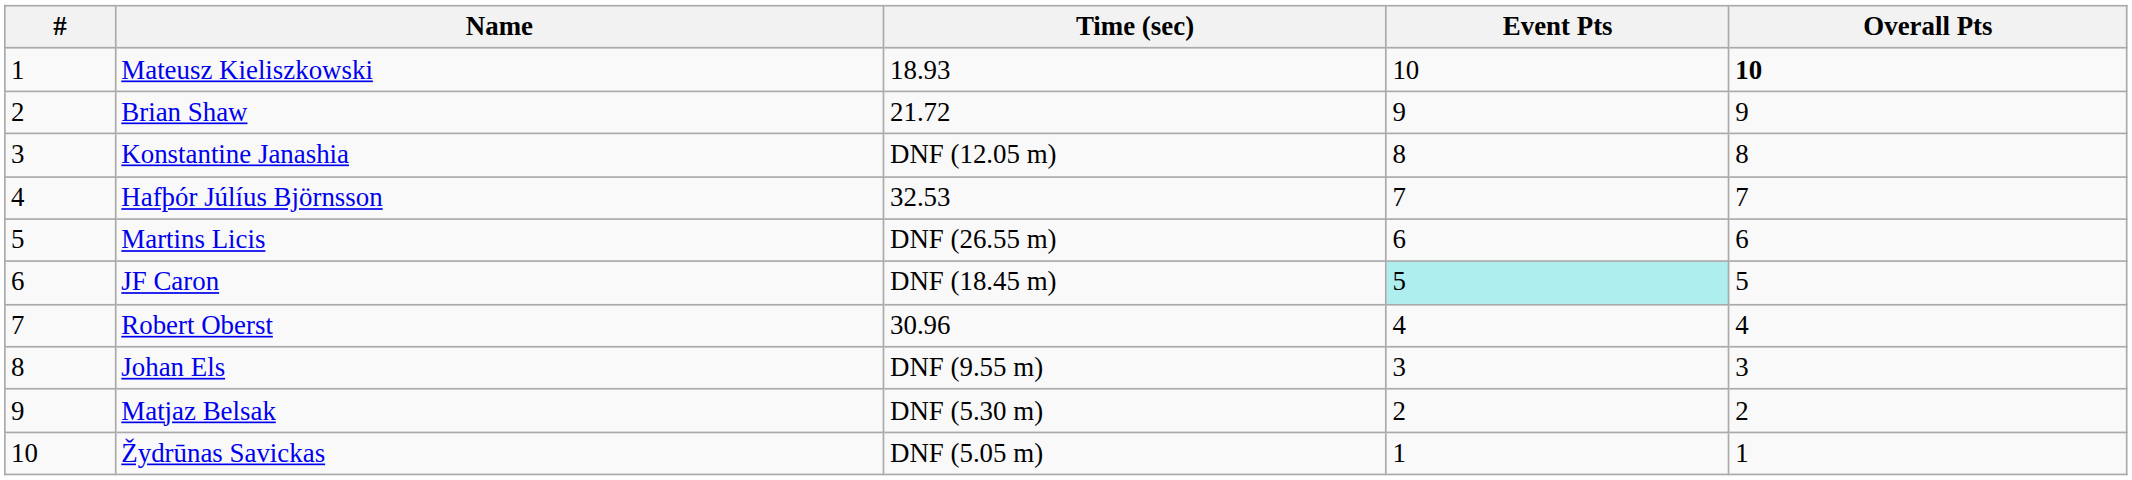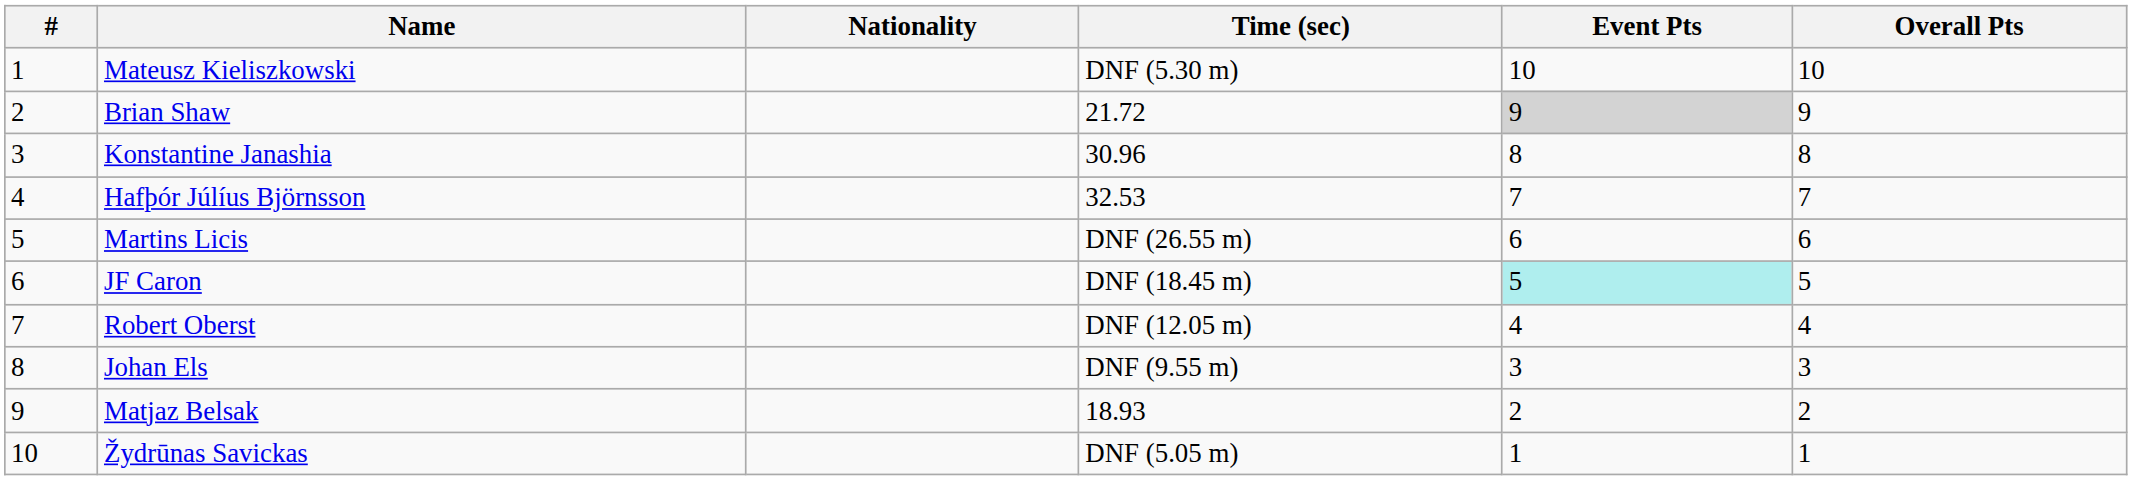 <table class="wikitable sortable" style="display: inline-table;width: 100%;">
 <tr>
 <th>#</th>
 <th>Name</th>
+<th>Nationality</th>
 <th>Time (sec)</th>
 <th>Event Pts</th>
 <th>Overall Pts</th>
 </tr>
 <tr>
 <td>1</td>
 <td><a href='#'>Mateusz Kieliszkowski</a></td>
-<td>18.93</td>
+<td></td>
+<td>DNF (5.30 m)</td>
 <td>10</td>
-<td><strong>10</strong></td>
+<td>10</td>
 </tr>
 <tr>
 <td>2</td>
 <td><a href='#'>Brian Shaw</a></td>
+<td></td>
 <td>21.72</td>
-<td>9</td>
+<td style="background: lightgrey;">9</td>
 <td>9</td>
 </tr>
 <tr>
 <td>3</td>
 <td><a href='#'>Konstantine Janashia</a></td>
-<td>DNF (12.05 m)</td>
+<td></td>
+<td>30.96</td>
 <td>8</td>
 <td>8</td>
 </tr>
 <tr>
 <td>4</td>
 <td><a href='#'>Hafþór Júlíus Björnsson</a></td>
+<td></td>
 <td>32.53</td>
 <td>7</td>
 <td>7</td>
 </tr>
 <tr>
 <td>5</td>
 <td><a href='#'>Martins Licis</a></td>
+<td></td>
 <td>DNF (26.55 m)</td>
 <td>6</td>
 <td>6</td>
 </tr>
 <tr>
 <td>6</td>
 <td><a href='#'>JF Caron</a></td>
+<td></td>
 <td>DNF (18.45 m)</td>
 <td style="background: paleturquoise;">5</td>
 <td>5</td>
 </tr>
 <tr>
 <td>7</td>
 <td><a href='#'>Robert Oberst</a></td>
-<td>30.96</td>
+<td></td>
+<td>DNF (12.05 m)</td>
 <td>4</td>
 <td>4</td>
 </tr>
 <tr>
 <td>8</td>
 <td><a href='#'>Johan Els</a></td>
+<td></td>
 <td>DNF (9.55 m)</td>
 <td>3</td>
 <td>3</td>
 </tr>
 <tr>
 <td>9</td>
 <td><a href='#'>Matjaz Belsak</a></td>
-<td>DNF (5.30 m)</td>
+<td></td>
+<td>18.93</td>
 <td>2</td>
 <td>2</td>
 </tr>
 <tr>
 <td>10</td>
 <td><a href='#'>Žydrūnas Savickas</a></td>
+<td></td>
 <td>DNF (5.05 m)</td>
 <td>1</td>
 <td>1</td>
 </tr>
 </table>
